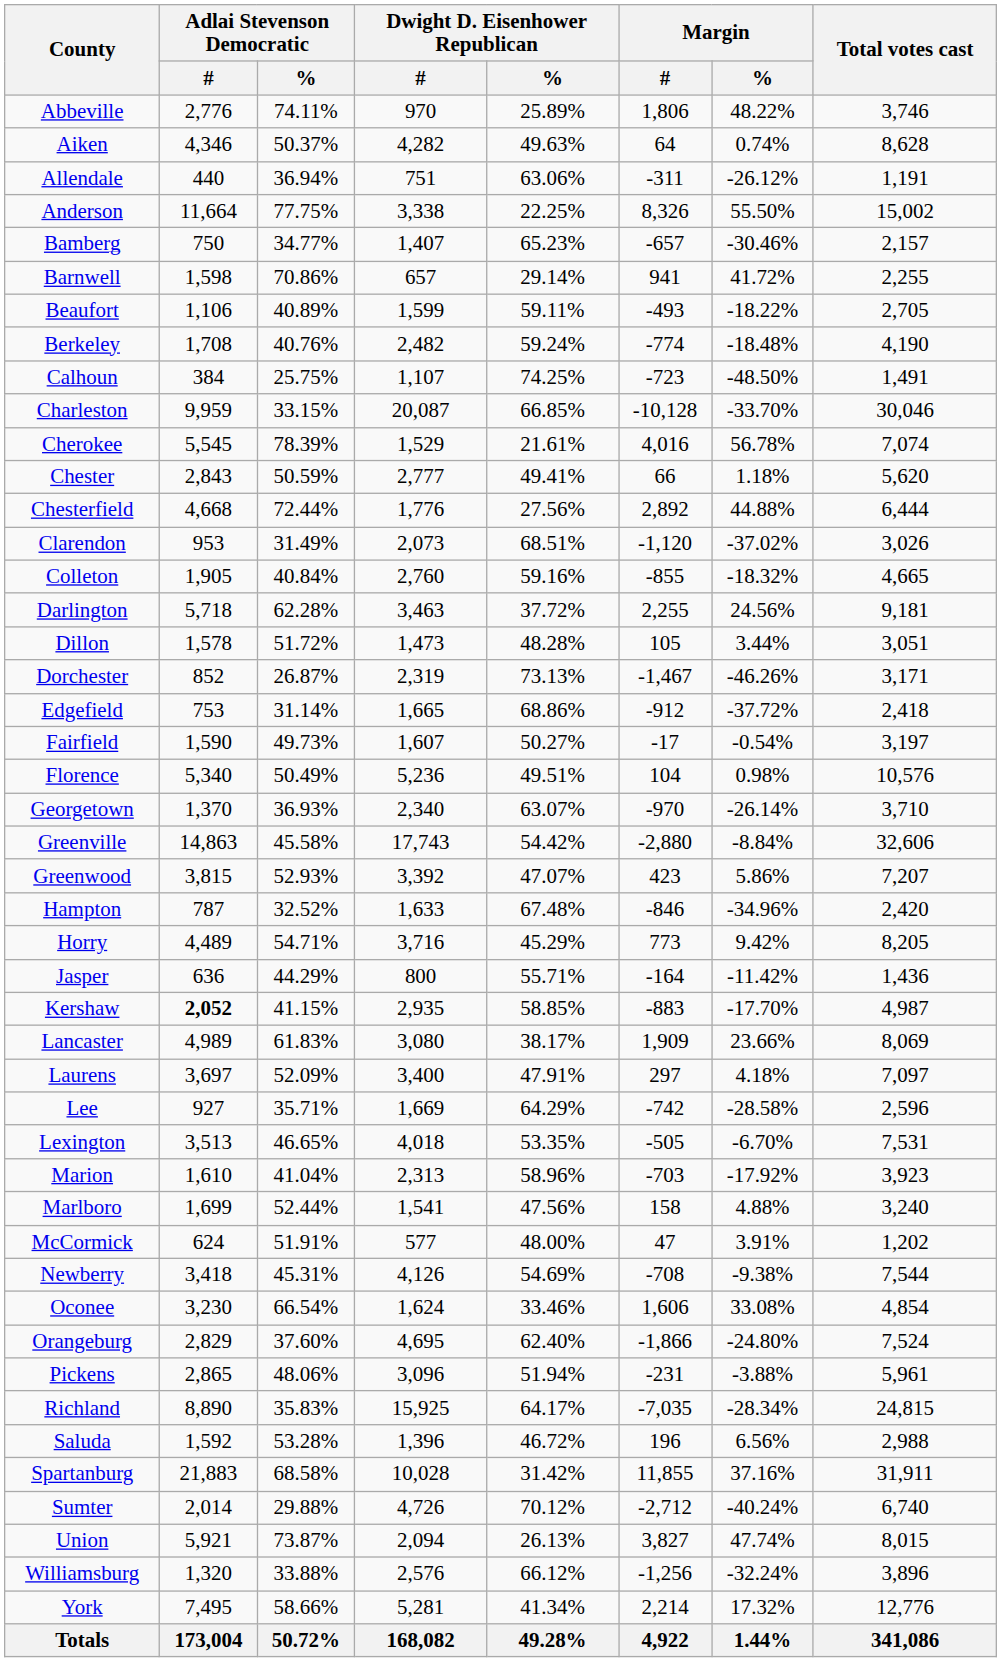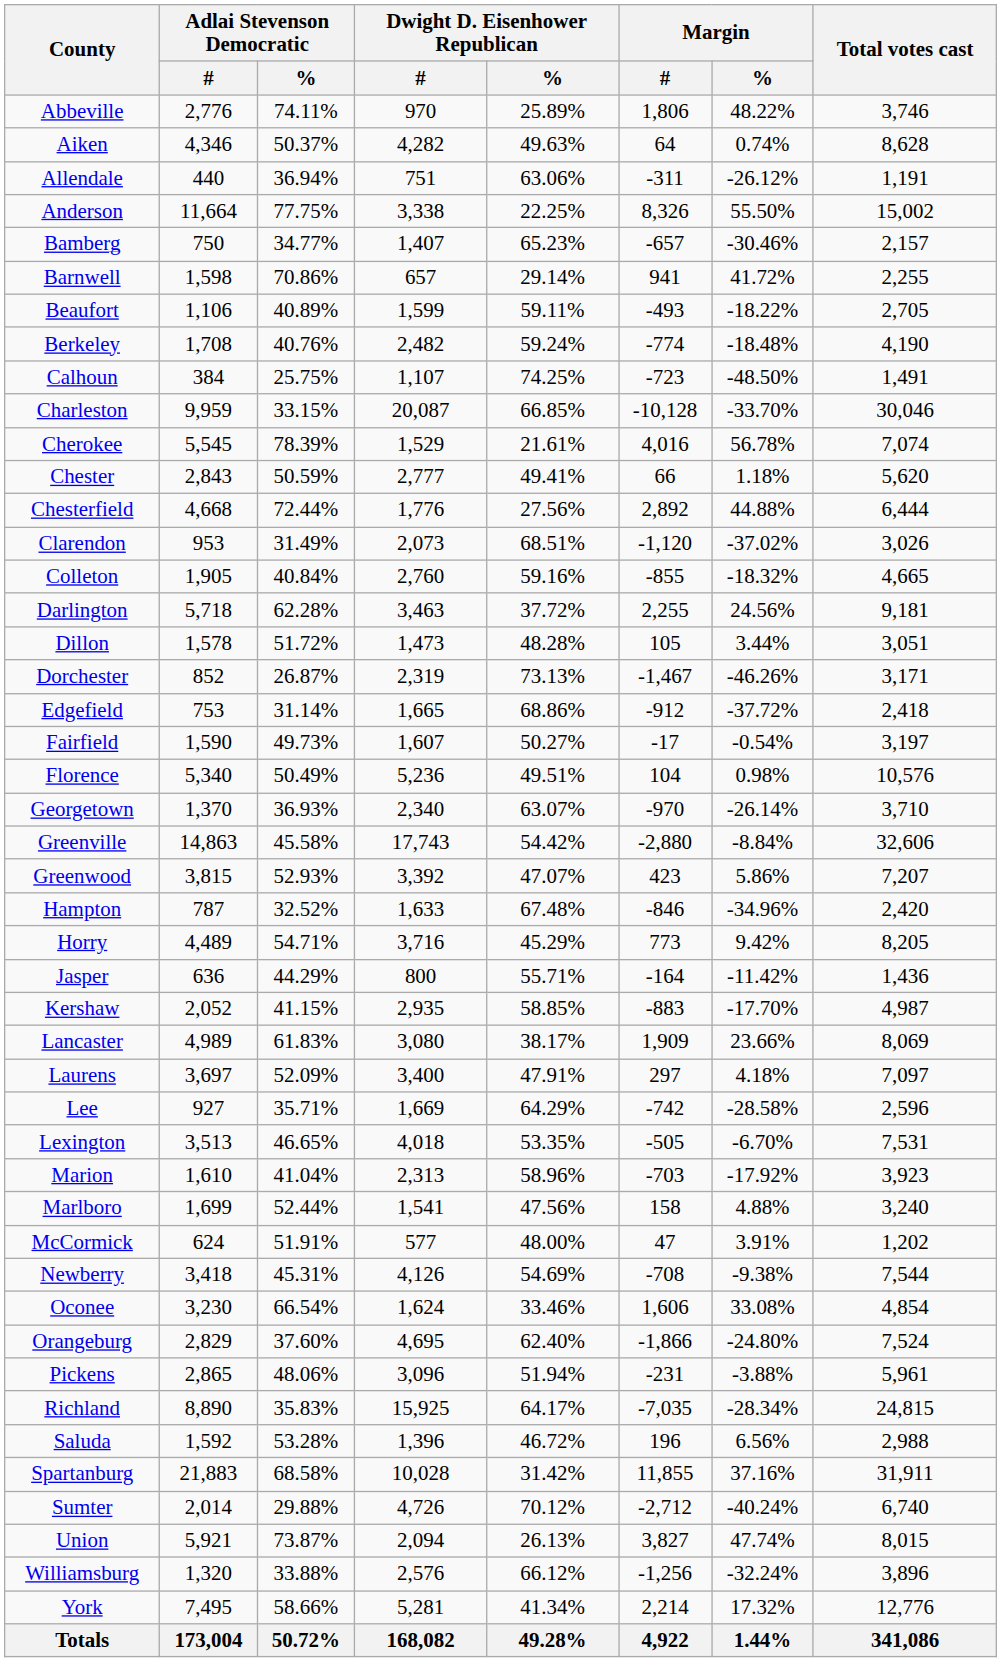 <table width="60%" class="wikitable sortable">
 <tr>
 <th style="text-align:center;" rowspan="2">County</th>
 <th style="text-align:center;" colspan="2">Adlai Stevenson<br>Democratic</th>
 <th style="text-align:center;" colspan="2">Dwight D. Eisenhower<br>Republican</th>
 <th style="text-align:center;" colspan="2">Margin</th>
 <th style="text-align:center;" rowspan="2">Total votes cast</th>
 </tr>
 <tr>
 <th style="text-align:center;" data-sort-type="number">#</th>
 <th style="text-align:center;" data-sort-type="number">%</th>
 <th style="text-align:center;" data-sort-type="number">#</th>
 <th style="text-align:center;" data-sort-type="number">%</th>
 <th style="text-align:center;" data-sort-type="number">#</th>
 <th style="text-align:center;" data-sort-type="number">%</th>
 </tr>
 <tr style="text-align:center;">
 <td><a href='#'>Abbeville</a></td>
 <td>2,776</td>
 <td>74.11%</td>
 <td>970</td>
 <td>25.89%</td>
 <td>1,806</td>
 <td>48.22%</td>
 <td>3,746</td>
 </tr>
 <tr style="text-align:center;">
 <td><a href='#'>Aiken</a></td>
 <td>4,346</td>
 <td>50.37%</td>
 <td>4,282</td>
 <td>49.63%</td>
 <td>64</td>
 <td>0.74%</td>
 <td>8,628</td>
 </tr>
 <tr style="text-align:center;">
 <td><a href='#'>Allendale</a></td>
 <td>440</td>
 <td>36.94%</td>
 <td>751</td>
 <td>63.06%</td>
 <td>-311</td>
 <td>-26.12%</td>
 <td>1,191</td>
 </tr>
 <tr style="text-align:center;">
 <td><a href='#'>Anderson</a></td>
 <td>11,664</td>
 <td>77.75%</td>
 <td>3,338</td>
 <td>22.25%</td>
 <td>8,326</td>
 <td>55.50%</td>
 <td>15,002</td>
 </tr>
 <tr style="text-align:center;">
 <td><a href='#'>Bamberg</a></td>
 <td>750</td>
 <td>34.77%</td>
 <td>1,407</td>
 <td>65.23%</td>
 <td>-657</td>
 <td>-30.46%</td>
 <td>2,157</td>
 </tr>
 <tr style="text-align:center;">
 <td><a href='#'>Barnwell</a></td>
 <td>1,598</td>
 <td>70.86%</td>
 <td>657</td>
 <td>29.14%</td>
 <td>941</td>
 <td>41.72%</td>
 <td>2,255</td>
 </tr>
 <tr style="text-align:center;">
 <td><a href='#'>Beaufort</a></td>
 <td>1,106</td>
 <td>40.89%</td>
 <td>1,599</td>
 <td>59.11%</td>
 <td>-493</td>
 <td>-18.22%</td>
 <td>2,705</td>
 </tr>
 <tr style="text-align:center;">
 <td><a href='#'>Berkeley</a></td>
 <td>1,708</td>
 <td>40.76%</td>
 <td>2,482</td>
 <td>59.24%</td>
 <td>-774</td>
 <td>-18.48%</td>
 <td>4,190</td>
 </tr>
 <tr style="text-align:center;">
 <td><a href='#'>Calhoun</a></td>
 <td>384</td>
 <td>25.75%</td>
 <td>1,107</td>
 <td>74.25%</td>
 <td>-723</td>
 <td>-48.50%</td>
 <td>1,491</td>
 </tr>
 <tr style="text-align:center;">
 <td><a href='#'>Charleston</a></td>
 <td>9,959</td>
 <td>33.15%</td>
 <td>20,087</td>
 <td>66.85%</td>
 <td>-10,128</td>
 <td>-33.70%</td>
 <td>30,046</td>
 </tr>
 <tr style="text-align:center;">
 <td><a href='#'>Cherokee</a></td>
 <td>5,545</td>
 <td>78.39%</td>
 <td>1,529</td>
 <td>21.61%</td>
 <td>4,016</td>
 <td>56.78%</td>
 <td>7,074</td>
 </tr>
 <tr style="text-align:center;">
 <td><a href='#'>Chester</a></td>
 <td>2,843</td>
 <td>50.59%</td>
 <td>2,777</td>
 <td>49.41%</td>
 <td>66</td>
 <td>1.18%</td>
 <td>5,620</td>
 </tr>
 <tr style="text-align:center;">
 <td><a href='#'>Chesterfield</a></td>
 <td>4,668</td>
 <td>72.44%</td>
 <td>1,776</td>
 <td>27.56%</td>
 <td>2,892</td>
 <td>44.88%</td>
 <td>6,444</td>
 </tr>
 <tr style="text-align:center;">
 <td><a href='#'>Clarendon</a></td>
 <td>953</td>
 <td>31.49%</td>
 <td>2,073</td>
 <td>68.51%</td>
 <td>-1,120</td>
 <td>-37.02%</td>
 <td>3,026</td>
 </tr>
 <tr style="text-align:center;">
 <td><a href='#'>Colleton</a></td>
 <td>1,905</td>
 <td>40.84%</td>
 <td>2,760</td>
 <td>59.16%</td>
 <td>-855</td>
 <td>-18.32%</td>
 <td>4,665</td>
 </tr>
 <tr style="text-align:center;">
 <td><a href='#'>Darlington</a></td>
 <td>5,718</td>
 <td>62.28%</td>
 <td>3,463</td>
 <td>37.72%</td>
 <td>2,255</td>
 <td>24.56%</td>
 <td>9,181</td>
 </tr>
 <tr style="text-align:center;">
 <td><a href='#'>Dillon</a></td>
 <td>1,578</td>
 <td>51.72%</td>
 <td>1,473</td>
 <td>48.28%</td>
 <td>105</td>
 <td>3.44%</td>
 <td>3,051</td>
 </tr>
 <tr style="text-align:center;">
 <td><a href='#'>Dorchester</a></td>
 <td>852</td>
 <td>26.87%</td>
 <td>2,319</td>
 <td>73.13%</td>
 <td>-1,467</td>
 <td>-46.26%</td>
 <td>3,171</td>
 </tr>
 <tr style="text-align:center;">
 <td><a href='#'>Edgefield</a></td>
 <td>753</td>
 <td>31.14%</td>
 <td>1,665</td>
 <td>68.86%</td>
 <td>-912</td>
 <td>-37.72%</td>
 <td>2,418</td>
 </tr>
 <tr style="text-align:center;">
 <td><a href='#'>Fairfield</a></td>
 <td>1,590</td>
 <td>49.73%</td>
 <td>1,607</td>
 <td>50.27%</td>
 <td>-17</td>
 <td>-0.54%</td>
 <td>3,197</td>
 </tr>
 <tr style="text-align:center;">
 <td><a href='#'>Florence</a></td>
 <td>5,340</td>
 <td>50.49%</td>
 <td>5,236</td>
 <td>49.51%</td>
 <td>104</td>
 <td>0.98%</td>
 <td>10,576</td>
 </tr>
 <tr style="text-align:center;">
 <td><a href='#'>Georgetown</a></td>
 <td>1,370</td>
 <td>36.93%</td>
 <td>2,340</td>
 <td>63.07%</td>
 <td>-970</td>
 <td>-26.14%</td>
 <td>3,710</td>
 </tr>
 <tr style="text-align:center;">
 <td><a href='#'>Greenville</a></td>
 <td>14,863</td>
 <td>45.58%</td>
 <td>17,743</td>
 <td>54.42%</td>
 <td>-2,880</td>
 <td>-8.84%</td>
 <td>32,606</td>
 </tr>
 <tr style="text-align:center;">
 <td><a href='#'>Greenwood</a></td>
 <td>3,815</td>
 <td>52.93%</td>
 <td>3,392</td>
 <td>47.07%</td>
 <td>423</td>
 <td>5.86%</td>
 <td>7,207</td>
 </tr>
 <tr style="text-align:center;">
 <td><a href='#'>Hampton</a></td>
 <td>787</td>
 <td>32.52%</td>
 <td>1,633</td>
 <td>67.48%</td>
 <td>-846</td>
 <td>-34.96%</td>
 <td>2,420</td>
 </tr>
 <tr style="text-align:center;">
 <td><a href='#'>Horry</a></td>
 <td>4,489</td>
 <td>54.71%</td>
 <td>3,716</td>
 <td>45.29%</td>
 <td>773</td>
 <td>9.42%</td>
 <td>8,205</td>
 </tr>
 <tr style="text-align:center;">
 <td><a href='#'>Jasper</a></td>
 <td>636</td>
 <td>44.29%</td>
 <td>800</td>
 <td>55.71%</td>
 <td>-164</td>
 <td>-11.42%</td>
 <td>1,436</td>
 </tr>
 <tr style="text-align:center;">
 <td><a href='#'>Kershaw</a></td>
-<td><strong>2,052</strong></td>
+<td>2,052</td>
 <td>41.15%</td>
 <td>2,935</td>
 <td>58.85%</td>
 <td>-883</td>
 <td>-17.70%</td>
 <td>4,987</td>
 </tr>
 <tr style="text-align:center;">
 <td><a href='#'>Lancaster</a></td>
 <td>4,989</td>
 <td>61.83%</td>
 <td>3,080</td>
 <td>38.17%</td>
 <td>1,909</td>
 <td>23.66%</td>
 <td>8,069</td>
 </tr>
 <tr style="text-align:center;">
 <td><a href='#'>Laurens</a></td>
 <td>3,697</td>
 <td>52.09%</td>
 <td>3,400</td>
 <td>47.91%</td>
 <td>297</td>
 <td>4.18%</td>
 <td>7,097</td>
 </tr>
 <tr style="text-align:center;">
 <td><a href='#'>Lee</a></td>
 <td>927</td>
 <td>35.71%</td>
 <td>1,669</td>
 <td>64.29%</td>
 <td>-742</td>
 <td>-28.58%</td>
 <td>2,596</td>
 </tr>
 <tr style="text-align:center;">
 <td><a href='#'>Lexington</a></td>
 <td>3,513</td>
 <td>46.65%</td>
 <td>4,018</td>
 <td>53.35%</td>
 <td>-505</td>
 <td>-6.70%</td>
 <td>7,531</td>
 </tr>
 <tr style="text-align:center;">
 <td><a href='#'>Marion</a></td>
 <td>1,610</td>
 <td>41.04%</td>
 <td>2,313</td>
 <td>58.96%</td>
 <td>-703</td>
 <td>-17.92%</td>
 <td>3,923</td>
 </tr>
 <tr style="text-align:center;">
 <td><a href='#'>Marlboro</a></td>
 <td>1,699</td>
 <td>52.44%</td>
 <td>1,541</td>
 <td>47.56%</td>
 <td>158</td>
 <td>4.88%</td>
 <td>3,240</td>
 </tr>
 <tr style="text-align:center;">
 <td><a href='#'>McCormick</a></td>
 <td>624</td>
 <td>51.91%</td>
 <td>577</td>
 <td>48.00%</td>
 <td>47</td>
 <td>3.91%</td>
 <td>1,202</td>
 </tr>
 <tr style="text-align:center;">
 <td><a href='#'>Newberry</a></td>
 <td>3,418</td>
 <td>45.31%</td>
 <td>4,126</td>
 <td>54.69%</td>
 <td>-708</td>
 <td>-9.38%</td>
 <td>7,544</td>
 </tr>
 <tr style="text-align:center;">
 <td><a href='#'>Oconee</a></td>
 <td>3,230</td>
 <td>66.54%</td>
 <td>1,624</td>
 <td>33.46%</td>
 <td>1,606</td>
 <td>33.08%</td>
 <td>4,854</td>
 </tr>
 <tr style="text-align:center;">
 <td><a href='#'>Orangeburg</a></td>
 <td>2,829</td>
 <td>37.60%</td>
 <td>4,695</td>
 <td>62.40%</td>
 <td>-1,866</td>
 <td>-24.80%</td>
 <td>7,524</td>
 </tr>
 <tr style="text-align:center;">
 <td><a href='#'>Pickens</a></td>
 <td>2,865</td>
 <td>48.06%</td>
 <td>3,096</td>
 <td>51.94%</td>
 <td>-231</td>
 <td>-3.88%</td>
 <td>5,961</td>
 </tr>
 <tr style="text-align:center;">
 <td><a href='#'>Richland</a></td>
 <td>8,890</td>
 <td>35.83%</td>
 <td>15,925</td>
 <td>64.17%</td>
 <td>-7,035</td>
 <td>-28.34%</td>
 <td>24,815</td>
 </tr>
 <tr style="text-align:center;">
 <td><a href='#'>Saluda</a></td>
 <td>1,592</td>
 <td>53.28%</td>
 <td>1,396</td>
 <td>46.72%</td>
 <td>196</td>
 <td>6.56%</td>
 <td>2,988</td>
 </tr>
 <tr style="text-align:center;">
 <td><a href='#'>Spartanburg</a></td>
 <td>21,883</td>
 <td>68.58%</td>
 <td>10,028</td>
 <td>31.42%</td>
 <td>11,855</td>
 <td>37.16%</td>
 <td>31,911</td>
 </tr>
 <tr style="text-align:center;">
 <td><a href='#'>Sumter</a></td>
 <td>2,014</td>
 <td>29.88%</td>
 <td>4,726</td>
 <td>70.12%</td>
 <td>-2,712</td>
 <td>-40.24%</td>
 <td>6,740</td>
 </tr>
 <tr style="text-align:center;">
 <td><a href='#'>Union</a></td>
 <td>5,921</td>
 <td>73.87%</td>
 <td>2,094</td>
 <td>26.13%</td>
 <td>3,827</td>
 <td>47.74%</td>
 <td>8,015</td>
 </tr>
 <tr style="text-align:center;">
 <td><a href='#'>Williamsburg</a></td>
 <td>1,320</td>
 <td>33.88%</td>
 <td>2,576</td>
 <td>66.12%</td>
 <td>-1,256</td>
 <td>-32.24%</td>
 <td>3,896</td>
 </tr>
 <tr style="text-align:center;">
 <td><a href='#'>York</a></td>
 <td>7,495</td>
 <td>58.66%</td>
 <td>5,281</td>
 <td>41.34%</td>
 <td>2,214</td>
 <td>17.32%</td>
 <td>12,776</td>
 </tr>
 <tr style="text-align:center;">
 <th>Totals</th>
 <th>173,004</th>
 <th>50.72%</th>
 <th>168,082</th>
 <th>49.28%</th>
 <th>4,922</th>
 <th>1.44%</th>
 <th>341,086</th>
 </tr>
 </table>
